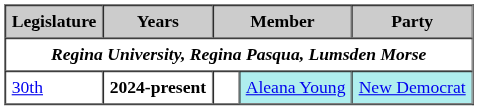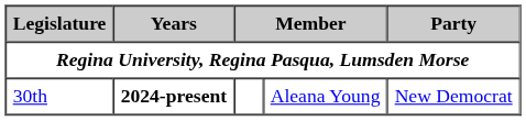 <table border=1 cellpadding=5 cellspacing=0>
 <tr bgcolor="CCCCCC">
 <th>Legislature</th>
 <th>Years</th>
 <th colspan="2">Member</th>
 <th>Party</th>
 </tr>
 <tr>
 <td colspan="5" align="center"><strong><em>Regina University, Regina Pasqua, Lumsden Morse</em></strong></td>
 </tr>
 <tr>
 <td><a href='#'>30th</a></td>
 <td><strong>2024-present</strong></td>
 <td>   </td>
-<td style="background: paleturquoise;"><a href='#'>Aleana Young</a></td>
-<td style="background: paleturquoise;"><a href='#'>New Democrat</a></td>
+<td><a href='#'>Aleana Young</a></td>
+<td><a href='#'>New Democrat</a></td>
 </tr>
 </table>
